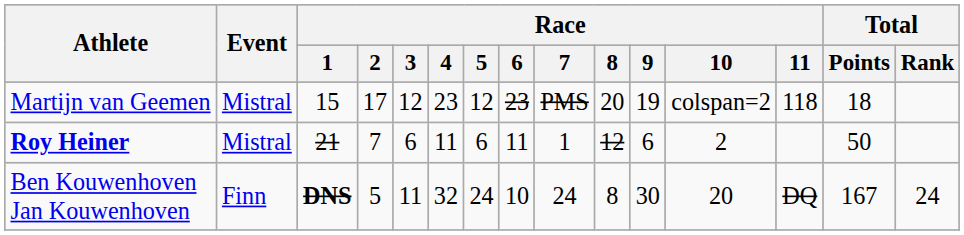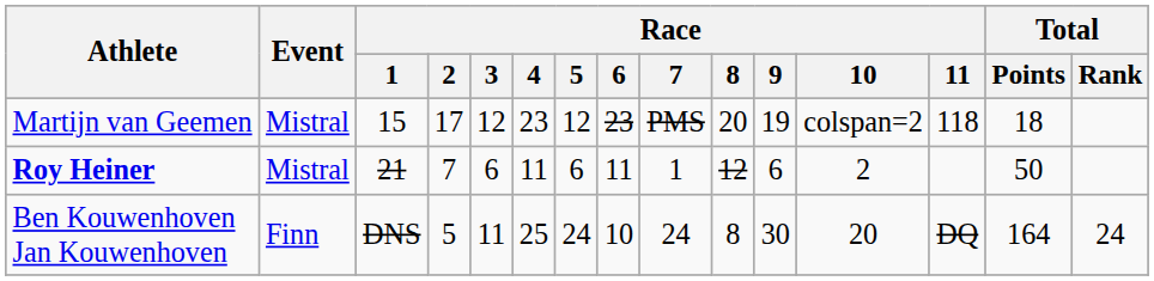 <table class=wikitable style=font-size:90%;text-align:center>
 <tr>
 <th rowspan=2>Athlete</th>
 <th rowspan=2>Event</th>
 <th colspan=11>Race</th>
 <th colspan=2>Total</th>
 </tr>
 <tr style=font-size:95%>
 <th>1</th>
 <th>2</th>
 <th>3</th>
 <th>4</th>
 <th>5</th>
 <th>6</th>
 <th>7</th>
 <th>8</th>
 <th>9</th>
 <th>10</th>
 <th>11</th>
 <th>Points</th>
 <th>Rank</th>
 </tr>
 <tr>
 <td align=left><a href='#'>Martijn van Geemen</a></td>
 <td align=left><a href='#'>Mistral</a></td>
 <td>15</td>
 <td>17</td>
 <td>12</td>
 <td>23</td>
 <td>12</td>
 <td><s>23</s></td>
 <td><s>PMS</s></td>
 <td>20</td>
 <td>19</td>
 <td>colspan=2 </td>
 <td>118</td>
 <td>18</td>
 </tr>
 <tr>
 <td align=left><strong><a href='#'>Roy Heiner</a></strong></td>
 <td align=left><a href='#'>Mistral</a></td>
 <td><s>21</s></td>
 <td>7</td>
 <td>6</td>
 <td>11</td>
 <td>6</td>
 <td>11</td>
 <td>1</td>
 <td><s>12</s></td>
 <td>6</td>
 <td>2</td>
 <td></td>
 <td>50</td>
 <td></td>
 </tr>
 <tr>
 <td align=left><a href='#'>Ben Kouwenhoven</a><br><a href='#'>Jan Kouwenhoven</a></td>
 <td align=left><a href='#'>Finn</a></td>
-<td><strong><s>DNS</s></strong></td>
+<td><s>DNS</s></td>
 <td>5</td>
 <td>11</td>
-<td>32</td>
+<td>25</td>
 <td>24</td>
 <td>10</td>
 <td>24</td>
 <td>8</td>
 <td>30</td>
 <td>20</td>
 <td><s>DQ</s></td>
-<td>167</td>
+<td>164</td>
 <td>24</td>
 </tr>
 </table>
